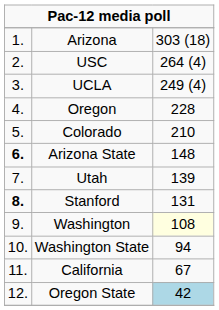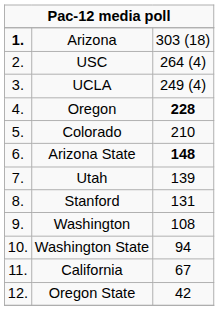 <table class="wikitable" style="display: inline-table;">
 <tr>
 <td align="center" Colspan="3"><strong>Pac-12 media poll</strong></td>
 </tr>
 <tr align="center">
 </tr>
 <tr align="center">
-<td>1.</td>
+<td><strong>1.</strong></td>
 <td>Arizona</td>
 <td>303 (18)</td>
 </tr>
 <tr align="center">
 <td>2.</td>
 <td>USC</td>
 <td>264 (4)</td>
 </tr>
 <tr align="center">
 <td>3.</td>
 <td>UCLA</td>
 <td>249 (4)</td>
 </tr>
 <tr align="center">
 <td>4.</td>
 <td>Oregon</td>
-<td>228</td>
+<td><strong>228</strong></td>
 </tr>
 <tr align="center">
 <td>5.</td>
 <td>Colorado</td>
 <td>210</td>
 </tr>
 <tr align="center">
-<td><strong>6.</strong></td>
+<td>6.</td>
 <td>Arizona State</td>
-<td>148</td>
+<td><strong>148</strong></td>
 </tr>
 <tr align="center">
 <td>7.</td>
 <td>Utah</td>
 <td>139</td>
 </tr>
 <tr align="center">
-<td><strong>8.</strong></td>
+<td>8.</td>
 <td>Stanford</td>
 <td>131</td>
 </tr>
 <tr align="center">
 <td>9.</td>
 <td ! style=>Washington</td>
-<td style="background: lightyellow;">108</td>
+<td>108</td>
 </tr>
 <tr align="center">
 <td>10.</td>
 <td>Washington State</td>
 <td>94</td>
 </tr>
 <tr align="center">
 <td>11.</td>
 <td ! style=>California</td>
 <td>67</td>
 </tr>
 <tr align="center">
 <td>12.</td>
 <td ! style=>Oregon State</td>
-<td style="background: lightblue;">42</td>
+<td>42</td>
 </tr>
 <tr>
 </tr>
 </table>
